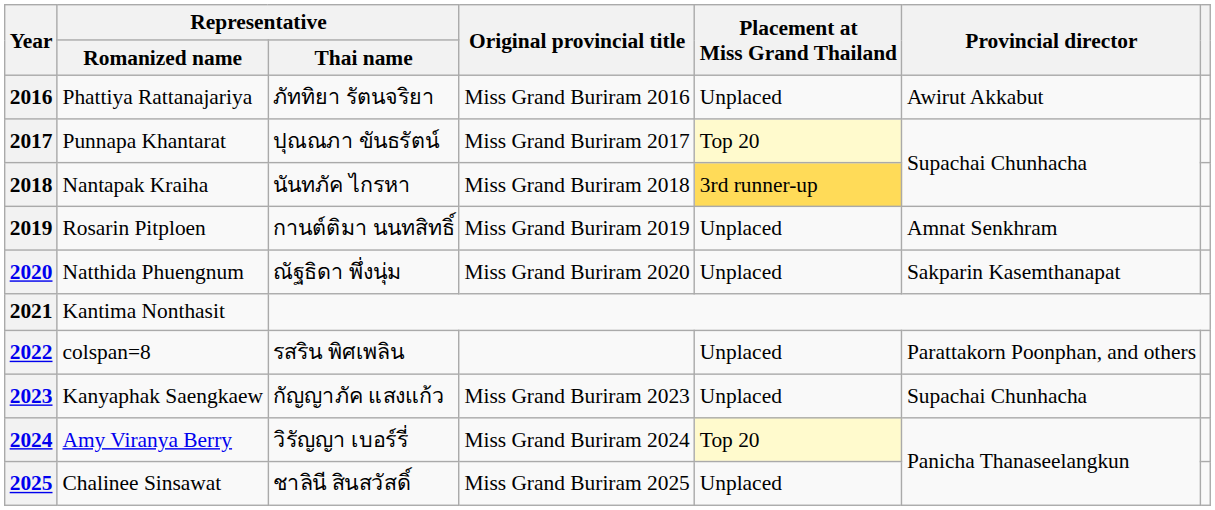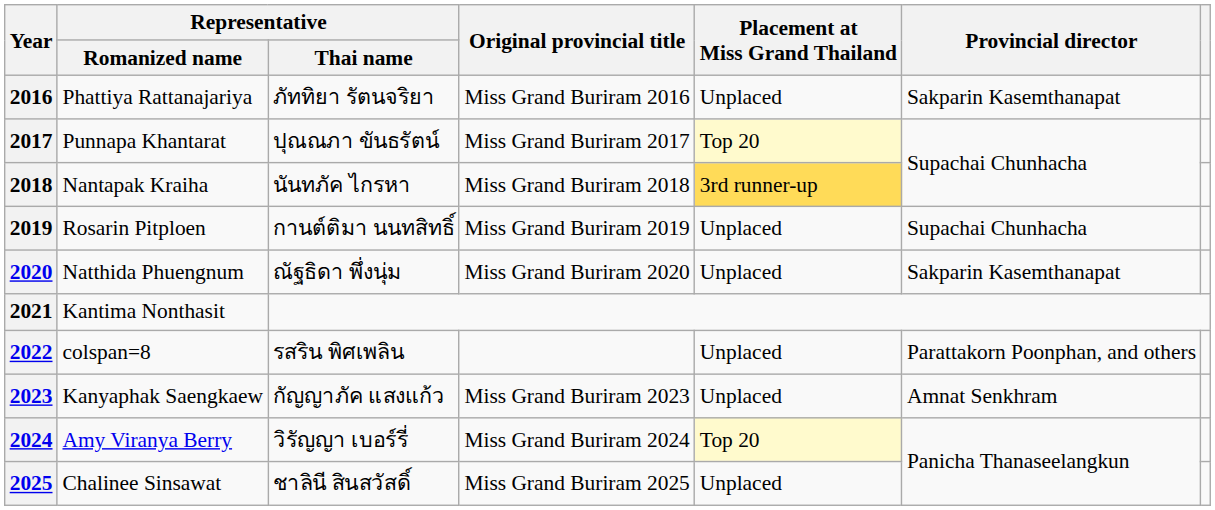 <table class="wikitable defaultcenter col2left col3left col6left" style="font-size:95%;">
 <tr>
 <th rowspan=2>Year</th>
 <th colspan=2>Representative</th>
 <th rowspan=2>Original provincial title</th>
 <th rowspan=2>Placement at<br>Miss Grand Thailand</th>
 <th rowspan=2>Provincial director</th>
 <th rowspan=2></th>
 </tr>
 <tr>
 <th>Romanized name</th>
 <th>Thai name</th>
 </tr>
 <tr>
 <th>2016</th>
 <td>Phattiya Rattanajariya</td>
 <td>ภัททิยา รัตนจริยา</td>
 <td>Miss Grand Buriram 2016</td>
 <td>Unplaced</td>
-<td>Awirut Akkabut</td>
+<td>Sakparin Kasemthanapat</td>
 <td></td>
 </tr>
 <tr>
 <th>2017</th>
 <td>Punnapa Khantarat</td>
 <td>ปุณณภา ขันธรัตน์</td>
 <td>Miss Grand Buriram 2017</td>
 <td bgcolor=#FFFACD>Top 20</td>
 <td rowspan=2>Supachai Chunhacha</td>
 <td></td>
 </tr>
 <tr>
 <th>2018</th>
 <td>Nantapak Kraiha</td>
 <td>นันทภัค ไกรหา</td>
 <td>Miss Grand Buriram 2018</td>
 <td bgcolor=#FFDB58>3rd runner-up</td>
 <td></td>
 </tr>
 <tr>
 <th>2019</th>
 <td>Rosarin Pitploen</td>
 <td>กานต์ติมา นนทสิทธิ์</td>
 <td>Miss Grand Buriram 2019</td>
 <td>Unplaced</td>
-<td>Amnat Senkhram</td>
+<td>Supachai Chunhacha</td>
 <td></td>
 </tr>
 <tr>
 <th><a href='#'>2020</a></th>
 <td>Natthida Phuengnum</td>
 <td>ณัฐธิดา พึ่งนุ่ม</td>
 <td>Miss Grand Buriram 2020</td>
 <td>Unplaced</td>
 <td>Sakparin Kasemthanapat</td>
 <td></td>
 </tr>
 <tr>
 <th>2021</th>
 <td>Kantima Nonthasit</td>
 </tr>
 <tr>
 <th><a href='#'>2022</a></th>
 <td>colspan=8 </td>
 <td>รสริน พิศเพลิน</td>
 <td></td>
 <td>Unplaced</td>
 <td>Parattakorn Poonphan, and others</td>
 <td></td>
 </tr>
 <tr>
 <th><a href='#'>2023</a></th>
 <td>Kanyaphak Saengkaew</td>
 <td>กัญญาภัค แสงแก้ว</td>
 <td>Miss Grand Buriram 2023</td>
 <td>Unplaced</td>
-<td>Supachai Chunhacha</td>
+<td>Amnat Senkhram</td>
 <td></td>
 </tr>
 <tr>
 <th><a href='#'>2024</a></th>
 <td><a href='#'>Amy Viranya Berry</a></td>
 <td>วิรัญญา เบอร์รี่</td>
 <td>Miss Grand Buriram 2024</td>
 <td bgcolor=#FFFACD>Top 20</td>
 <td rowspan=2>Panicha Thanaseelangkun</td>
 <td></td>
 </tr>
 <tr>
 <th><a href='#'>2025</a></th>
 <td>Chalinee Sinsawat</td>
 <td>ชาลินี สินสวัสดิ์</td>
 <td>Miss Grand Buriram 2025</td>
 <td>Unplaced</td>
 <td></td>
 </tr>
 </table>
